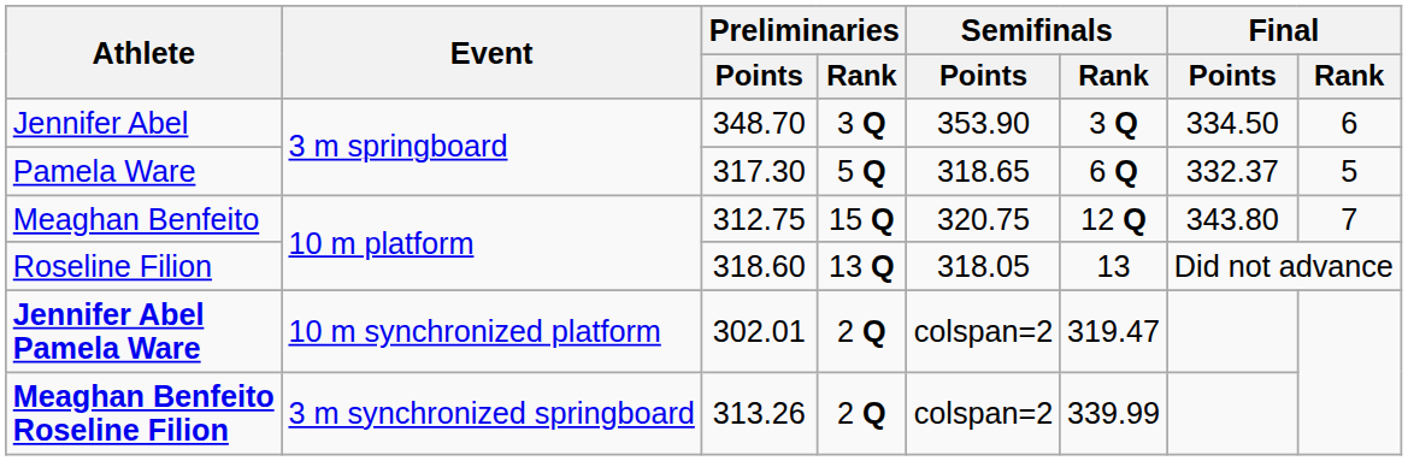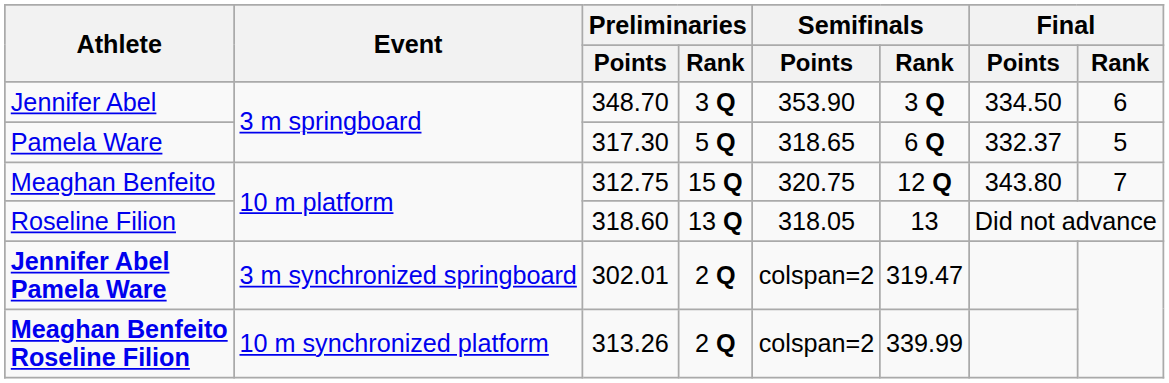 <table class=wikitable style="font-size:90%;">
 <tr>
 <th rowspan="2">Athlete</th>
 <th rowspan="2">Event</th>
 <th colspan="2">Preliminaries</th>
 <th colspan="2">Semifinals</th>
 <th colspan="2">Final</th>
 </tr>
 <tr style="font-size:95%">
 <th>Points</th>
 <th>Rank</th>
 <th>Points</th>
 <th>Rank</th>
 <th>Points</th>
 <th>Rank</th>
 </tr>
 <tr align=center>
 <td align=left><a href='#'>Jennifer Abel</a></td>
 <td align=left rowspan=2><a href='#'>3 m springboard</a></td>
 <td>348.70</td>
 <td>3 <strong>Q</strong></td>
 <td>353.90</td>
 <td>3 <strong>Q</strong></td>
 <td>334.50</td>
 <td>6</td>
 </tr>
 <tr align=center>
 <td align=left><a href='#'>Pamela Ware</a></td>
 <td>317.30</td>
 <td>5 <strong>Q</strong></td>
 <td>318.65</td>
 <td>6 <strong>Q</strong></td>
 <td>332.37</td>
 <td>5</td>
 </tr>
 <tr align=center>
 <td align=left><a href='#'>Meaghan Benfeito</a></td>
 <td align=left rowspan=2><a href='#'>10 m platform</a></td>
 <td>312.75</td>
 <td>15 <strong>Q</strong></td>
 <td>320.75</td>
 <td>12 <strong>Q</strong></td>
 <td>343.80</td>
 <td>7</td>
 </tr>
 <tr align=center>
 <td align=left><a href='#'>Roseline Filion</a></td>
 <td>318.60</td>
 <td>13 <strong>Q</strong></td>
 <td>318.05</td>
 <td>13</td>
 <td colspan=2>Did not advance</td>
 </tr>
 <tr align=center>
 <td align=left><strong><a href='#'>Jennifer Abel</a><br><a href='#'>Pamela Ware</a></strong></td>
-<td align=left><a href='#'>10 m synchronized platform</a></td>
+<td align=left><a href='#'>3 m synchronized springboard</a></td>
 <td>302.01</td>
 <td>2 <strong>Q</strong></td>
 <td>colspan=2 </td>
 <td>319.47</td>
 <td></td>
 </tr>
 <tr align=center>
 <td align=left><strong><a href='#'>Meaghan Benfeito</a><br><a href='#'>Roseline Filion</a></strong></td>
-<td align=left><a href='#'>3 m synchronized springboard</a></td>
+<td align=left><a href='#'>10 m synchronized platform</a></td>
 <td>313.26</td>
 <td>2 <strong>Q</strong></td>
 <td>colspan=2 </td>
 <td>339.99</td>
 <td></td>
 </tr>
 </table>
